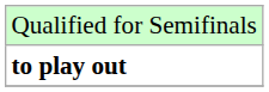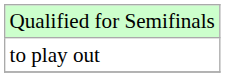 <table class="wikitable">
 <tr width=10px bgcolor="#ccffcc">
 <td>Qualified for Semifinals</td>
 </tr>
 <tr width=10px bgcolor="#ffffff">
-<td><strong>to play out</strong></td>
+<td>to play out</td>
 </tr>
 <tr>
 </tr>
 </table>
